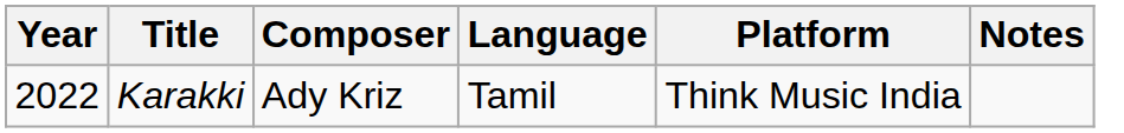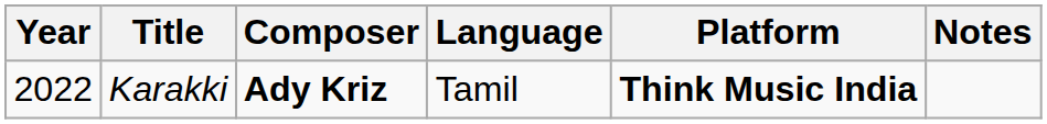 <table class="wikitable">
 <tr>
 <th>Year</th>
 <th>Title</th>
 <th>Composer</th>
 <th>Language</th>
 <th>Platform</th>
 <th>Notes</th>
 </tr>
 <tr>
 <td rowspan="2">2022</td>
 <td><em>Karakki</em></td>
-<td>Ady Kriz</td>
+<td><strong>Ady Kriz</strong></td>
 <td rowspan="3">Tamil</td>
-<td>Think Music India</td>
+<td><strong>Think Music India</strong></td>
 <td></td>
 </tr>
 </table>
